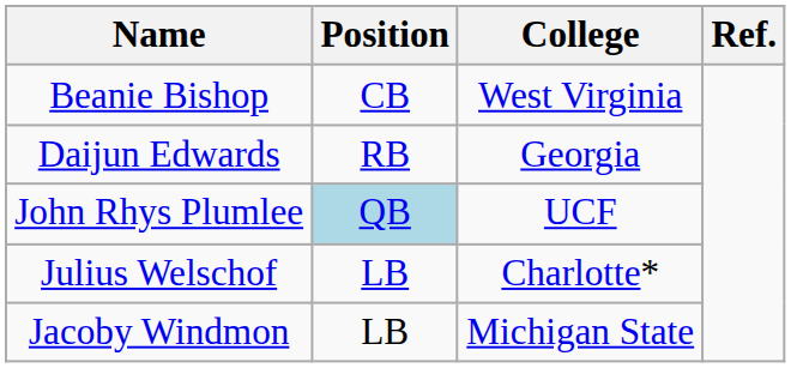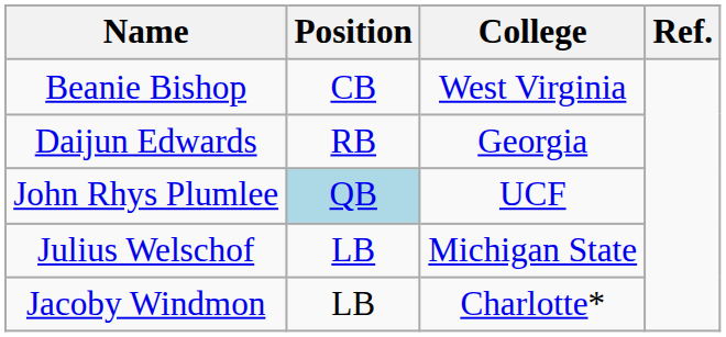 <table class="wikitable" style="text-align:center">
 <tr>
 <th>Name</th>
 <th>Position</th>
 <th>College</th>
 <th>Ref.</th>
 </tr>
 <tr>
 <td><a href='#'>Beanie Bishop</a></td>
 <td><a href='#'>CB</a></td>
 <td><a href='#'>West Virginia</a></td>
 <td rowspan="5"></td>
 </tr>
 <tr>
 <td><a href='#'>Daijun Edwards</a></td>
 <td><a href='#'>RB</a></td>
 <td><a href='#'>Georgia</a></td>
 </tr>
 <tr>
 <td><a href='#'>John Rhys Plumlee</a></td>
 <td style="background: lightblue;"><a href='#'>QB</a></td>
 <td><a href='#'>UCF</a></td>
 </tr>
 <tr>
 <td><a href='#'>Julius Welschof</a></td>
 <td><a href='#'>LB</a></td>
-<td><a href='#'>Charlotte</a>*</td>
+<td><a href='#'>Michigan State</a></td>
 </tr>
 <tr>
 <td><a href='#'>Jacoby Windmon</a></td>
 <td>LB</td>
-<td><a href='#'>Michigan State</a></td>
+<td><a href='#'>Charlotte</a>*</td>
 </tr>
 </table>
